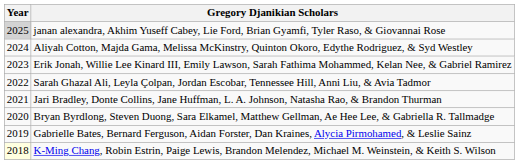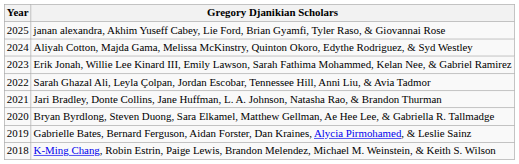 <table class="wikitable">
 <tr>
 <th>Year</th>
 <th>Gregory Djanikian Scholars</th>
 </tr>
 <tr>
-<td style="background: lightgrey;">2025</td>
+<td>2025</td>
 <td>janan alexandra, Akhim Yuseff Cabey, Lie Ford, Brian Gyamfi, Tyler Raso, & Giovannai Rose</td>
 </tr>
 <tr>
 <td>2024</td>
 <td>Aliyah Cotton, Majda Gama, Melissa McKinstry, Quinton Okoro, Edythe Rodriguez, & Syd Westley</td>
 </tr>
 <tr>
 <td>2023</td>
 <td>Erik Jonah, Willie Lee Kinard III, Emily Lawson, Sarah Fathima Mohammed, Kelan Nee, & Gabriel Ramirez</td>
 </tr>
 <tr>
 <td>2022</td>
 <td>Sarah Ghazal Ali, Leyla Çolpan, Jordan Escobar, Tennessee Hill, Anni Liu, & Avia Tadmor</td>
 </tr>
 <tr>
 <td>2021</td>
 <td>Jari Bradley, Donte Collins, Jane Huffman, L. A. Johnson, Natasha Rao, & Brandon Thurman</td>
 </tr>
 <tr>
 <td>2020</td>
 <td>Bryan Byrdlong, Steven Duong, Sara Elkamel, Matthew Gellman, Ae Hee Lee, & Gabriella R. Tallmadge</td>
 </tr>
 <tr>
 <td>2019</td>
 <td>Gabrielle Bates, Bernard Ferguson, Aidan Forster, Dan Kraines, <a href='#'>Alycia Pirmohamed</a>, & Leslie Sainz</td>
 </tr>
 <tr>
-<td style="background: lightyellow;">2018</td>
+<td>2018</td>
 <td><a href='#'>K-Ming Chang</a>, Robin Estrin, Paige Lewis, Brandon Melendez, Michael M. Weinstein, & Keith S. Wilson</td>
 </tr>
 </table>
